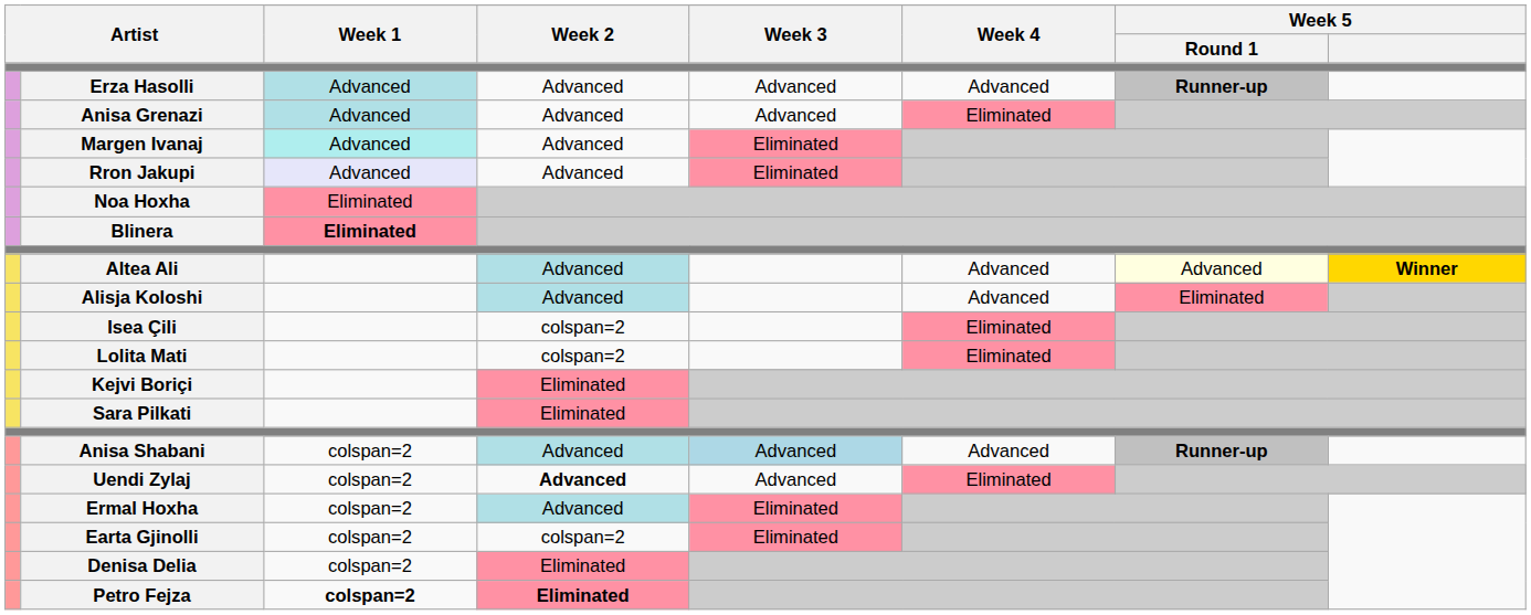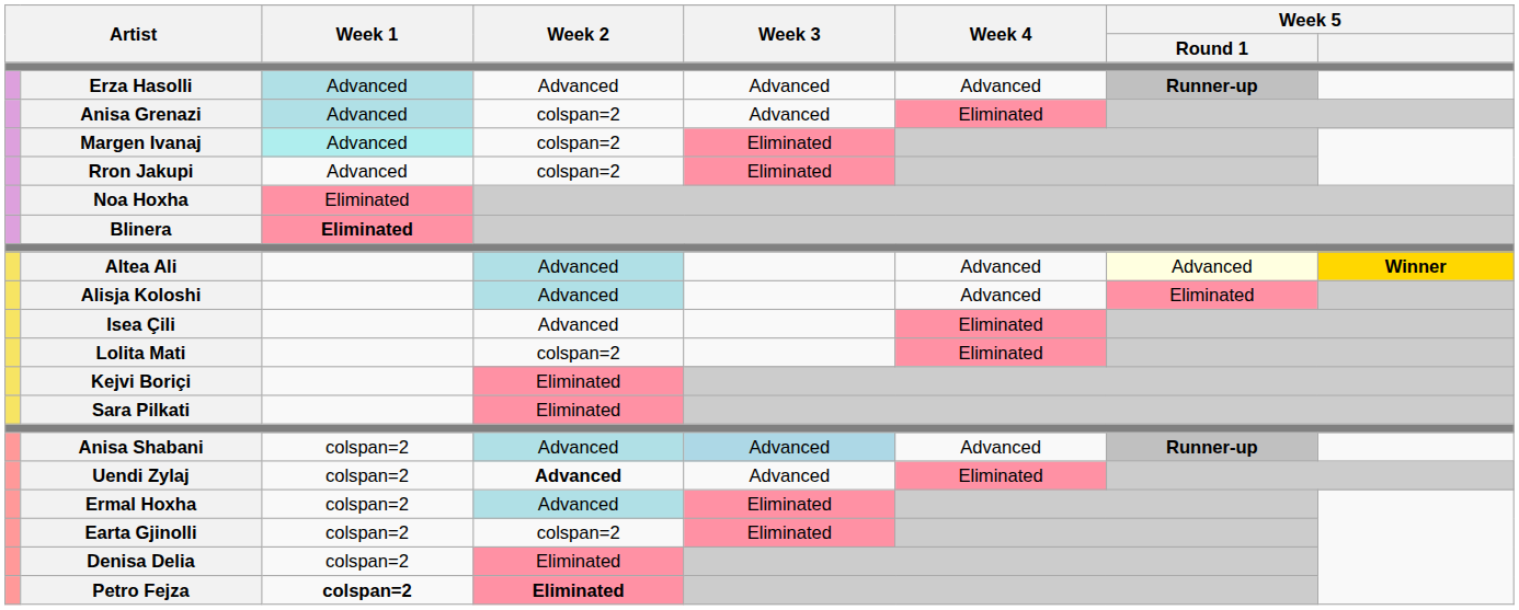 <table class="wikitable"  style="font-size:95%; text-align:center; width:100%;">
 <tr>
 <th rowspan="3" colspan="2" width="17%;">Artist</th>
 </tr>
 <tr>
 <th rowspan="2" width="14%;">Week 1</th>
 <th rowspan="2" width="14%;">Week 2</th>
 <th rowspan="2" width="14%;">Week 3</th>
 <th rowspan="2" width="14%;">Week 4</th>
 <th colspan="2" width="14%;">Week 5</th>
 </tr>
 <tr>
 <th width="14%;">Round 1</th>
 <th width="14%;"></th>
 </tr>
 <tr>
 <th colspan="8" style="background:gray;"></th>
 </tr>
 <tr>
 <th style="background:#dda0dd;"></th>
 <th>Erza Hasolli</th>
 <td style="background:#B0E0E6;">Advanced</td>
 <td>Advanced</td>
 <td>Advanced</td>
 <td>Advanced</td>
 <td style="background:silver"><strong>Runner-up</strong></td>
 </tr>
 <tr>
 <th style="background:#dda0dd;"></th>
 <th>Anisa Grenazi</th>
 <td style="background:#B0E0E6;">Advanced</td>
-<td>Advanced</td>
+<td>colspan=2 </td>
 <td>Advanced</td>
 <td style="background:#FF91A4;">Eliminated</td>
 <td colspan="2" style="background:#ccc;"></td>
 </tr>
 <tr>
 <th style="background:#dda0dd;"></th>
 <th>Margen Ivanaj</th>
 <td style="background: paleturquoise;">Advanced</td>
-<td>Advanced</td>
+<td>colspan=2 </td>
 <td style="background:#FF91A4;">Eliminated</td>
 <td colspan="2" style="background:#ccc;"></td>
 </tr>
 <tr>
 <th style="background:#dda0dd;"></th>
 <th>Rron Jakupi</th>
-<td style="background: lavender;">Advanced</td>
 <td>Advanced</td>
+<td>colspan=2 </td>
 <td style="background:#FF91A4;">Eliminated</td>
 <td colspan="2" style="background:#ccc;"></td>
 </tr>
 <tr>
 <th style="background:#dda0dd;"></th>
 <th>Noa Hoxha</th>
 <td style="background:#FF91A4;">Eliminated</td>
 <td colspan="5" style="background:#ccc;"></td>
 </tr>
 <tr>
 <th style="background:#dda0dd;"></th>
 <th>Blinera</th>
 <td style="background:#FF91A4;"><strong>Eliminated</strong></td>
 <td colspan="5" style="background:#ccc;"></td>
 </tr>
 <tr>
 <th colspan="8" style="background:gray;"></th>
 </tr>
 <tr>
 <th style="background:#f7e463;"></th>
 <th>Altea Ali</th>
 <td></td>
 <td style="background:#B0E0E6;">Advanced</td>
 <td></td>
 <td>Advanced</td>
 <td style="background: lightyellow;">Advanced</td>
 <td style="background:gold"><strong>Winner</strong></td>
 </tr>
 <tr>
 <th style="background:#f7e463;"></th>
 <th>Alisja Koloshi</th>
 <td></td>
 <td style="background:#B0E0E6;">Advanced</td>
 <td></td>
 <td>Advanced</td>
 <td style="background:#FF91A4;">Eliminated</td>
 <td colspan="2" style="background:#ccc;"></td>
 </tr>
 <tr>
 <th style="background:#f7e463;"></th>
 <th>Isea Çili</th>
 <td></td>
-<td>colspan=2 </td>
+<td>Advanced</td>
 <td></td>
 <td style="background:#FF91A4;">Eliminated</td>
 <td colspan="2" style="background:#ccc;"></td>
 </tr>
 <tr>
 <th style="background:#f7e463;"></th>
 <th>Lolita Mati</th>
 <td></td>
 <td>colspan=2 </td>
 <td></td>
 <td style="background:#FF91A4;">Eliminated</td>
 <td colspan="2" style="background:#ccc;"></td>
 </tr>
 <tr>
 <th style="background:#f7e463;"></th>
 <th>Kejvi Boriçi</th>
 <td></td>
 <td style="background:#FF91A4;">Eliminated</td>
 <td colspan="4" style="background:#ccc;"></td>
 </tr>
 <tr>
 <th style="background:#f7e463;"></th>
 <th>Sara Pilkati</th>
 <td></td>
 <td style="background:#FF91A4;">Eliminated</td>
 <td colspan="4" style="background:#ccc;"></td>
 </tr>
 <tr>
 <th colspan="8" style="background:gray;"></th>
 </tr>
 <tr>
 <th style="background:#FF9999;"></th>
 <th>Anisa Shabani</th>
 <td>colspan=2 </td>
 <td style="background:#B0E0E6;">Advanced</td>
 <td style="background: lightblue;">Advanced</td>
 <td>Advanced</td>
 <td style="background:silver"><strong>Runner-up</strong></td>
 </tr>
 <tr>
 <th style="background:#FF9999;"></th>
 <th>Uendi Zylaj</th>
 <td>colspan=2 </td>
 <td><strong>Advanced</strong></td>
 <td>Advanced</td>
 <td style="background:#FF91A4;">Eliminated</td>
 <td colspan="2" style="background:#ccc;"></td>
 </tr>
 <tr>
 <th style="background:#FF9999;"></th>
 <th>Ermal Hoxha</th>
 <td>colspan=2 </td>
 <td style="background:#B0E0E6;">Advanced</td>
 <td style="background:#FF91A4;">Eliminated</td>
 <td colspan="2" style="background:#ccc;"></td>
 </tr>
 <tr>
 <th style="background:#FF9999;"></th>
 <th>Earta Gjinolli</th>
 <td>colspan=2 </td>
 <td>colspan=2 </td>
 <td style="background:#FF91A4;">Eliminated</td>
 <td colspan="2" style="background:#ccc;"></td>
 </tr>
 <tr>
 <th style="background:#FF9999;"></th>
 <th>Denisa Delia</th>
 <td>colspan=2 </td>
 <td style="background:#FF91A4;">Eliminated</td>
 <td colspan="3" style="background:#ccc;"></td>
 </tr>
 <tr>
 <th style="background:#FF9999;"></th>
 <th>Petro Fejza</th>
 <td><strong>colspan=2 </strong></td>
 <td style="background:#FF91A4;"><strong>Eliminated</strong></td>
 <td colspan="3" style="background:#ccc;"></td>
 </tr>
 </table>
